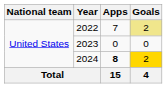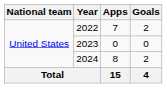 <table class="wikitable" style="text-align:center">
 <tr>
 <th>National team</th>
 <th>Year</th>
 <th>Apps</th>
 <th>Goals</th>
 </tr>
 <tr>
 <td rowspan=3><a href='#'>United States</a></td>
 <td>2022</td>
 <td>7</td>
-<td style="background: khaki;">2</td>
+<td>2</td>
 </tr>
 <tr>
 <td>2023</td>
 <td>0</td>
 <td>0</td>
 </tr>
 <tr>
 <td>2024</td>
-<td><strong>8</strong></td>
-<td style="background: gold;">2</td>
+<td>8</td>
+<td>2</td>
 </tr>
 <tr>
 <th colspan="2">Total</th>
 <th>15</th>
 <th>4</th>
 </tr>
 </table>
